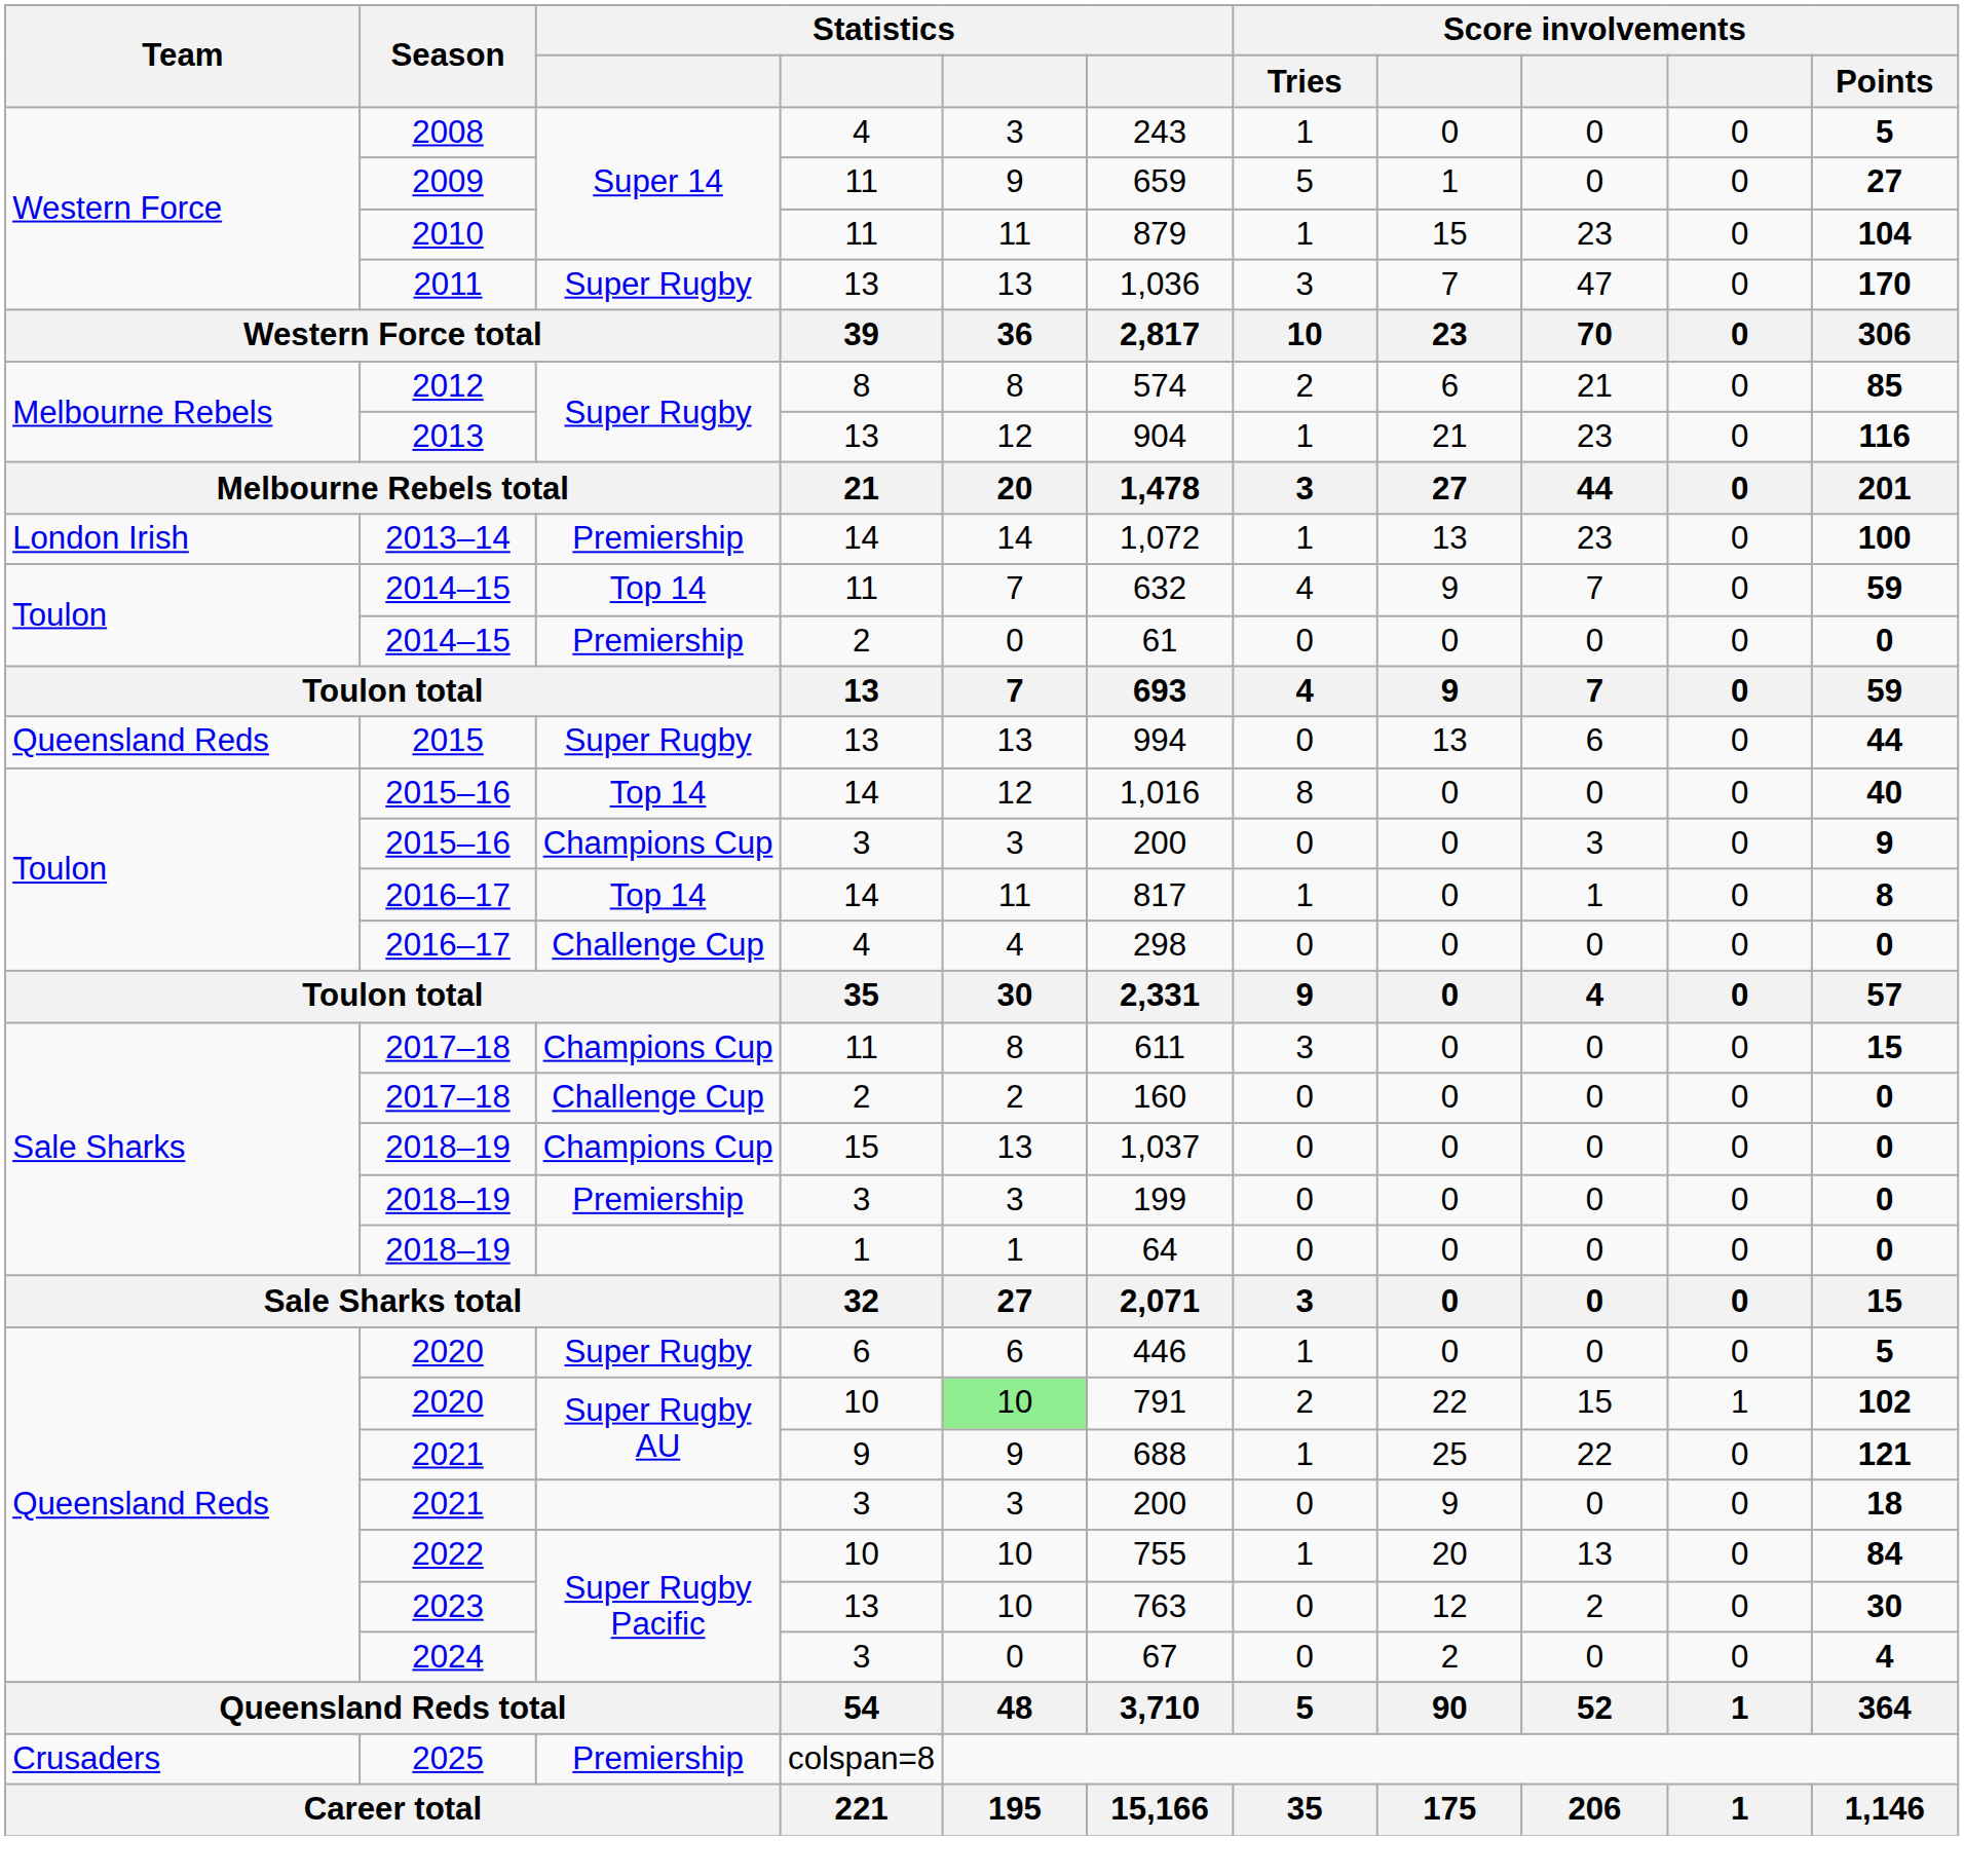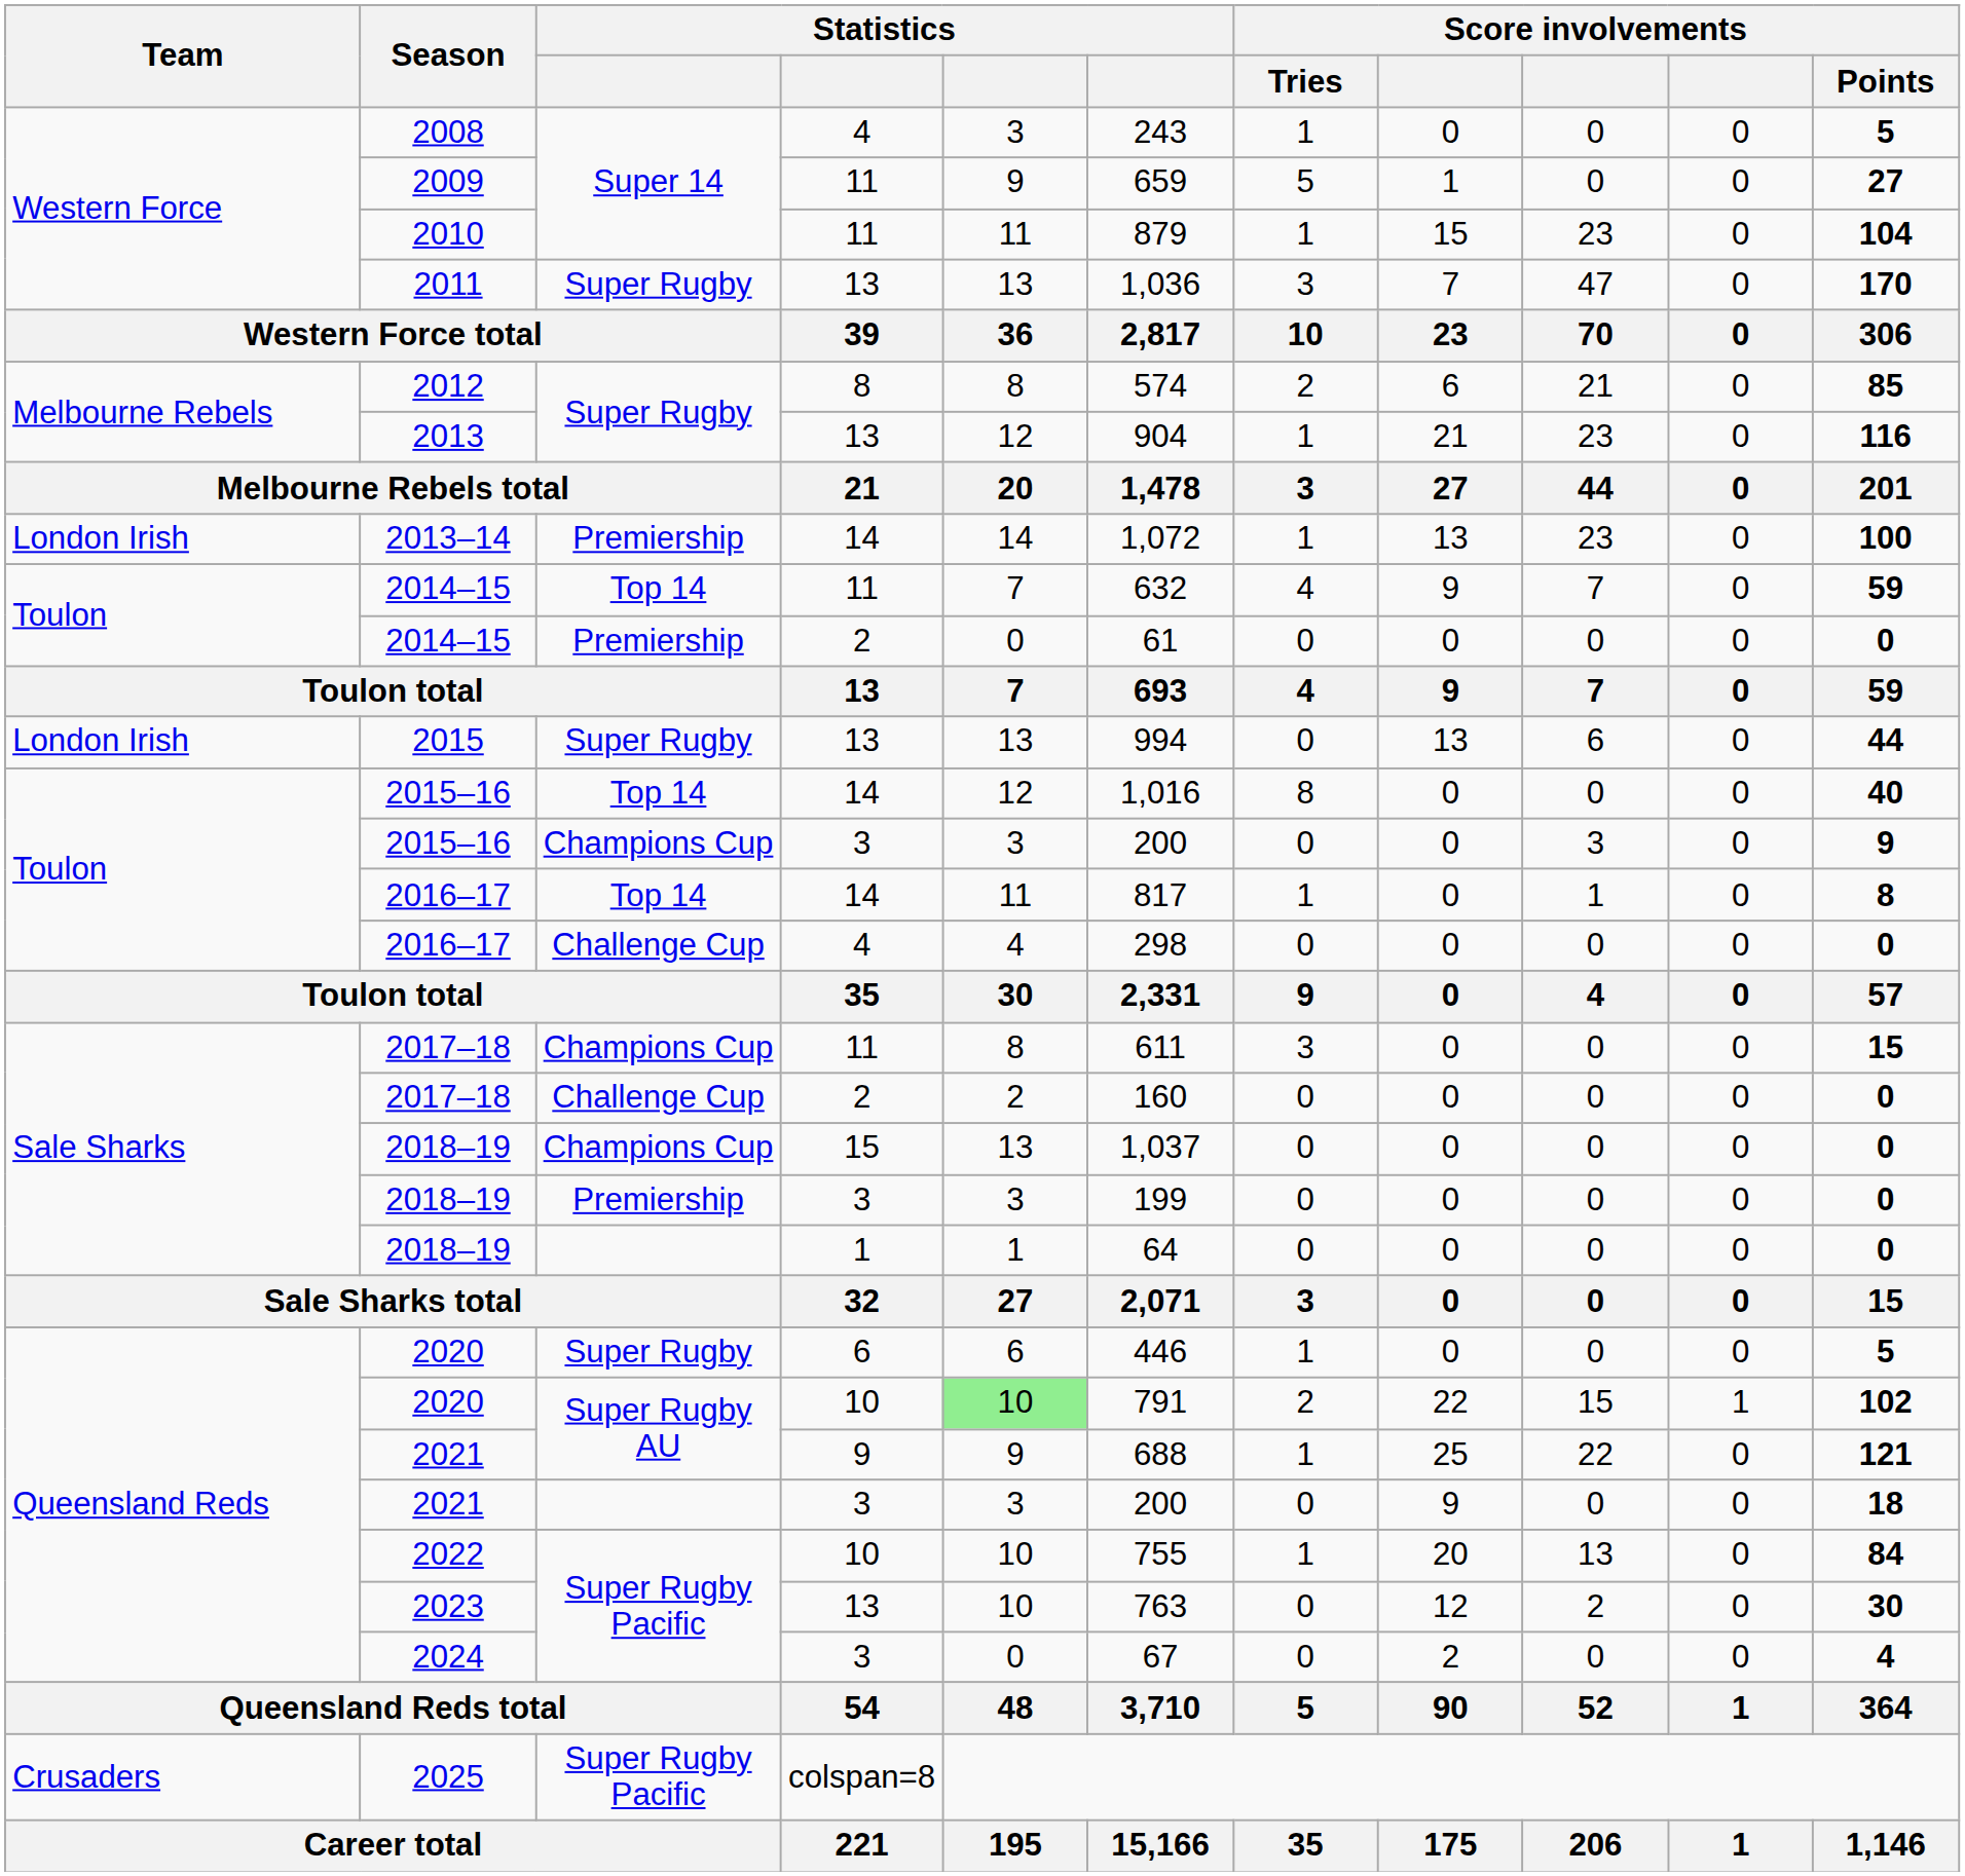 <table class="wikitable sortable sticky-header-multi static-row-numbers" style="text-align:center;">
 <tr>
 <th rowspan=2 width=170px>Team</th>
 <th rowspan=2 width=80px>Season</th>
 <th colspan=4>Statistics</th>
 <th colspan=5>Score involvements</th>
 </tr>
 <tr>
 <th width=115px></th>
 <th width=65px></th>
 <th width=65px></th>
 <th width=65px></th>
 <th width=65px>Tries</th>
 <th width=65px></th>
 <th width=65px></th>
 <th width=65px></th>
 <th width=65px>Points</th>
 </tr>
 <tr>
 <td align=left rowspan=4> <a href='#'>Western Force</a></td>
 <td><a href='#'>2008</a></td>
 <td rowspan=3><a href='#'>Super 14</a></td>
 <td>4</td>
 <td>3</td>
 <td>243</td>
 <td>1</td>
 <td>0</td>
 <td>0</td>
 <td>0</td>
 <td><strong>5</strong></td>
 </tr>
 <tr>
 <td><a href='#'>2009</a></td>
 <td>11</td>
 <td>9</td>
 <td>659</td>
 <td>5</td>
 <td>1</td>
 <td>0</td>
 <td>0</td>
 <td><strong>27</strong></td>
 </tr>
 <tr>
 <td><a href='#'>2010</a></td>
 <td>11</td>
 <td>11</td>
 <td>879</td>
 <td>1</td>
 <td>15</td>
 <td>23</td>
 <td>0</td>
 <td><strong>104</strong></td>
 </tr>
 <tr>
 <td><a href='#'>2011</a></td>
 <td><a href='#'>Super Rugby</a></td>
 <td>13</td>
 <td>13</td>
 <td>1,036</td>
 <td>3</td>
 <td>7</td>
 <td>47</td>
 <td>0</td>
 <td><strong>170</strong></td>
 </tr>
 <tr>
 <th colspan=3>Western Force total</th>
 <th>39</th>
 <th>36</th>
 <th>2,817</th>
 <th>10</th>
 <th>23</th>
 <th>70</th>
 <th>0</th>
 <th>306</th>
 </tr>
 <tr>
 <td align=left rowspan=2> <a href='#'>Melbourne Rebels</a></td>
 <td><a href='#'>2012</a></td>
 <td rowspan=2><a href='#'>Super Rugby</a></td>
 <td>8</td>
 <td>8</td>
 <td>574</td>
 <td>2</td>
 <td>6</td>
 <td>21</td>
 <td>0</td>
 <td><strong>85</strong></td>
 </tr>
 <tr>
 <td><a href='#'>2013</a></td>
 <td>13</td>
 <td>12</td>
 <td>904</td>
 <td>1</td>
 <td>21</td>
 <td>23</td>
 <td>0</td>
 <td><strong>116</strong></td>
 </tr>
 <tr>
 <th colspan=3>Melbourne Rebels total</th>
 <th>21</th>
 <th>20</th>
 <th>1,478</th>
 <th>3</th>
 <th>27</th>
 <th>44</th>
 <th>0</th>
 <th>201</th>
 </tr>
 <tr>
 <td align=left> <a href='#'>London Irish</a></td>
 <td><a href='#'>2013–14</a></td>
 <td><a href='#'>Premiership</a></td>
 <td>14</td>
 <td>14</td>
 <td>1,072</td>
 <td>1</td>
 <td>13</td>
 <td>23</td>
 <td>0</td>
 <td><strong>100</strong></td>
 </tr>
 <tr>
 <td align=left rowspan=2> <a href='#'>Toulon</a></td>
 <td><a href='#'>2014–15</a></td>
 <td><a href='#'>Top 14</a></td>
 <td>11</td>
 <td>7</td>
 <td>632</td>
 <td>4</td>
 <td>9</td>
 <td>7</td>
 <td>0</td>
 <td><strong>59</strong></td>
 </tr>
 <tr>
 <td><a href='#'>2014–15</a></td>
 <td><a href='#'>Premiership</a></td>
 <td>2</td>
 <td>0</td>
 <td>61</td>
 <td>0</td>
 <td>0</td>
 <td>0</td>
 <td>0</td>
 <td><strong>0</strong></td>
 </tr>
 <tr>
 <th colspan=3>Toulon total</th>
 <th>13</th>
 <th>7</th>
 <th>693</th>
 <th>4</th>
 <th>9</th>
 <th>7</th>
 <th>0</th>
 <th>59</th>
 </tr>
 <tr>
-<td align=left> <a href='#'>Queensland Reds</a></td>
+<td align=left> <a href='#'>London Irish</a></td>
 <td><a href='#'>2015</a></td>
 <td><a href='#'>Super Rugby</a></td>
 <td>13</td>
 <td>13</td>
 <td>994</td>
 <td>0</td>
 <td>13</td>
 <td>6</td>
 <td>0</td>
 <td><strong>44</strong></td>
 </tr>
 <tr>
 <td align=left rowspan=4> <a href='#'>Toulon</a></td>
 <td><a href='#'>2015–16</a></td>
 <td><a href='#'>Top 14</a></td>
 <td>14</td>
 <td>12</td>
 <td>1,016</td>
 <td>8</td>
 <td>0</td>
 <td>0</td>
 <td>0</td>
 <td><strong>40</strong></td>
 </tr>
 <tr>
 <td><a href='#'>2015–16</a></td>
 <td><a href='#'>Champions Cup</a></td>
 <td>3</td>
 <td>3</td>
 <td>200</td>
 <td>0</td>
 <td>0</td>
 <td>3</td>
 <td>0</td>
 <td><strong>9</strong></td>
 </tr>
 <tr>
 <td><a href='#'>2016–17</a></td>
 <td><a href='#'>Top 14</a></td>
 <td>14</td>
 <td>11</td>
 <td>817</td>
 <td>1</td>
 <td>0</td>
 <td>1</td>
 <td>0</td>
 <td><strong>8</strong></td>
 </tr>
 <tr>
 <td><a href='#'>2016–17</a></td>
 <td><a href='#'>Challenge Cup</a></td>
 <td>4</td>
 <td>4</td>
 <td>298</td>
 <td>0</td>
 <td>0</td>
 <td>0</td>
 <td>0</td>
 <td><strong>0</strong></td>
 </tr>
 <tr>
 <th colspan=3>Toulon total</th>
 <th>35</th>
 <th>30</th>
 <th>2,331</th>
 <th>9</th>
 <th>0</th>
 <th>4</th>
 <th>0</th>
 <th>57</th>
 </tr>
 <tr>
 <td align=left rowspan=5> <a href='#'>Sale Sharks</a></td>
 <td><a href='#'>2017–18</a></td>
 <td><a href='#'>Champions Cup</a></td>
 <td>11</td>
 <td>8</td>
 <td>611</td>
 <td>3</td>
 <td>0</td>
 <td>0</td>
 <td>0</td>
 <td><strong>15</strong></td>
 </tr>
 <tr>
 <td><a href='#'>2017–18</a></td>
 <td><a href='#'>Challenge Cup</a></td>
 <td>2</td>
 <td>2</td>
 <td>160</td>
 <td>0</td>
 <td>0</td>
 <td>0</td>
 <td>0</td>
 <td><strong>0</strong></td>
 </tr>
 <tr>
 <td><a href='#'>2018–19</a></td>
 <td><a href='#'>Champions Cup</a></td>
 <td>15</td>
 <td>13</td>
 <td>1,037</td>
 <td>0</td>
 <td>0</td>
 <td>0</td>
 <td>0</td>
 <td><strong>0</strong></td>
 </tr>
 <tr>
 <td><a href='#'>2018–19</a></td>
 <td><a href='#'>Premiership</a></td>
 <td>3</td>
 <td>3</td>
 <td>199</td>
 <td>0</td>
 <td>0</td>
 <td>0</td>
 <td>0</td>
 <td><strong>0</strong></td>
 </tr>
 <tr>
 <td><a href='#'>2018–19</a></td>
 <td></td>
 <td>1</td>
 <td>1</td>
 <td>64</td>
 <td>0</td>
 <td>0</td>
 <td>0</td>
 <td>0</td>
 <td><strong>0</strong></td>
 </tr>
 <tr>
 <th colspan=3>Sale Sharks total</th>
 <th>32</th>
 <th>27</th>
 <th>2,071</th>
 <th>3</th>
 <th>0</th>
 <th>0</th>
 <th>0</th>
 <th>15</th>
 </tr>
 <tr>
 <td align=left rowspan=7> <a href='#'>Queensland Reds</a></td>
 <td><a href='#'>2020</a></td>
 <td><a href='#'>Super Rugby</a></td>
 <td>6</td>
 <td>6</td>
 <td>446</td>
 <td>1</td>
 <td>0</td>
 <td>0</td>
 <td>0</td>
 <td><strong>5</strong></td>
 </tr>
 <tr>
 <td><a href='#'>2020</a></td>
 <td rowspan=2><a href='#'>Super Rugby AU</a></td>
 <td>10</td>
 <td style="background: lightgreen;">10</td>
 <td>791</td>
 <td>2</td>
 <td>22</td>
 <td>15</td>
 <td>1</td>
 <td><strong>102</strong></td>
 </tr>
 <tr>
 <td><a href='#'>2021</a></td>
 <td>9</td>
 <td>9</td>
 <td>688</td>
 <td>1</td>
 <td>25</td>
 <td>22</td>
 <td>0</td>
 <td><strong>121</strong></td>
 </tr>
 <tr>
 <td><a href='#'>2021</a></td>
 <td></td>
 <td>3</td>
 <td>3</td>
 <td>200</td>
 <td>0</td>
 <td>9</td>
 <td>0</td>
 <td>0</td>
 <td><strong>18</strong></td>
 </tr>
 <tr>
 <td><a href='#'>2022</a></td>
 <td rowspan=3><a href='#'>Super Rugby Pacific</a></td>
 <td>10</td>
 <td>10</td>
 <td>755</td>
 <td>1</td>
 <td>20</td>
 <td>13</td>
 <td>0</td>
 <td><strong>84</strong></td>
 </tr>
 <tr>
 <td><a href='#'>2023</a></td>
 <td>13</td>
 <td>10</td>
 <td>763</td>
 <td>0</td>
 <td>12</td>
 <td>2</td>
 <td>0</td>
 <td><strong>30</strong></td>
 </tr>
 <tr>
 <td><a href='#'>2024</a></td>
 <td>3</td>
 <td>0</td>
 <td>67</td>
 <td>0</td>
 <td>2</td>
 <td>0</td>
 <td>0</td>
 <td><strong>4</strong></td>
 </tr>
 <tr>
 <th colspan=3>Queensland Reds total</th>
 <th>54</th>
 <th>48</th>
 <th>3,710</th>
 <th>5</th>
 <th>90</th>
 <th>52</th>
 <th>1</th>
 <th>364</th>
 </tr>
 <tr>
 <td align=left> <a href='#'>Crusaders</a></td>
 <td><a href='#'>2025</a></td>
-<td><a href='#'>Premiership</a></td>
+<td><a href='#'>Super Rugby Pacific</a></td>
 <td>colspan=8 </td>
 </tr>
 <tr>
 <th colspan=3>Career total</th>
 <th>221</th>
 <th>195</th>
 <th>15,166</th>
 <th>35</th>
 <th>175</th>
 <th>206</th>
 <th>1</th>
 <th>1,146</th>
 </tr>
 </table>
